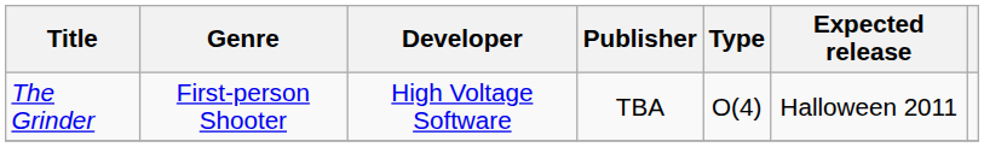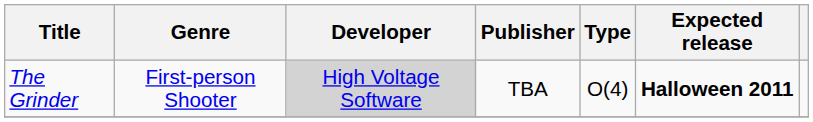 <table class="wikitable sortable" style="width:100%">
 <tr>
 <th>Title</th>
 <th>Genre</th>
 <th>Developer</th>
 <th>Publisher</th>
 <th>Type</th>
 <th>Expected release</th>
 <th></th>
 </tr>
 <tr>
 <td><em><a href='#'>The Grinder</a></em></td>
 <td align=center><a href='#'>First-person Shooter</a></td>
-<td align=center><a href='#'>High Voltage Software</a></td>
+<td align=center style="background: lightgrey;"><a href='#'>High Voltage Software</a></td>
 <td align=center>TBA</td>
 <td align=center>O(4)</td>
-<td align=center>Halloween 2011</td>
+<td align=center><strong>Halloween 2011</strong></td>
 <td align=center></td>
 </tr>
 <tr>
 </tr>
 </table>
